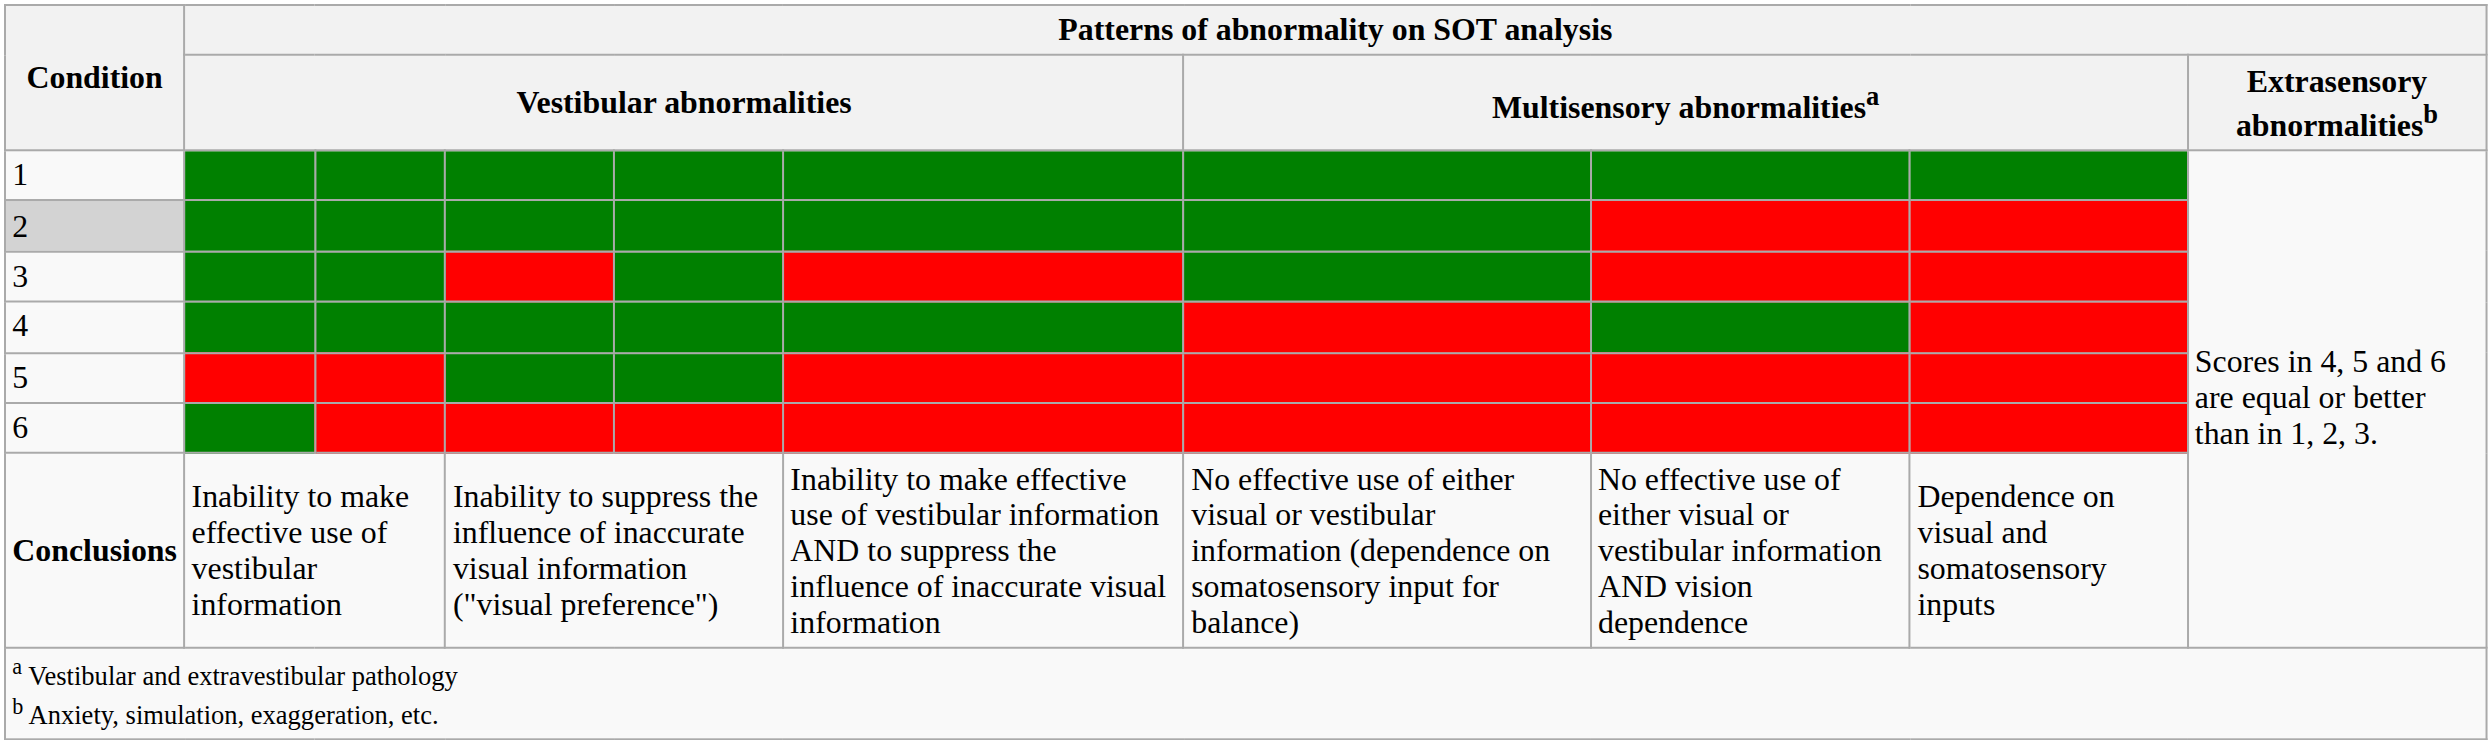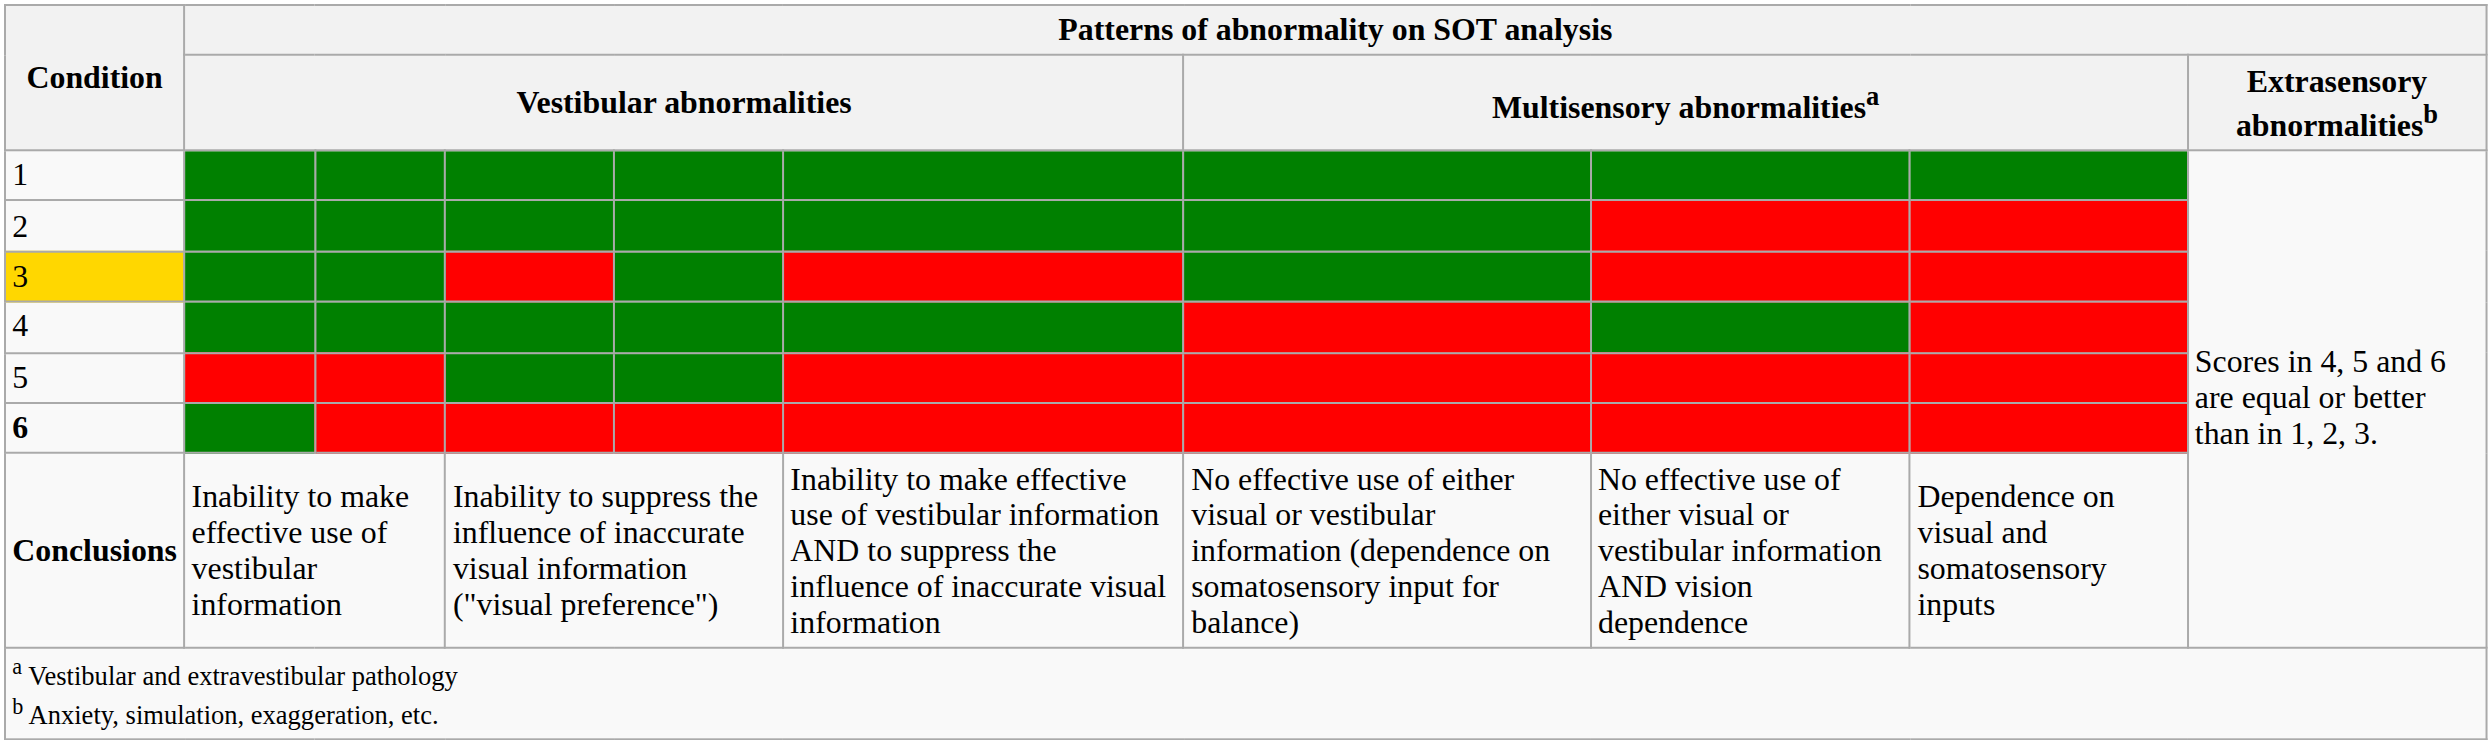 <table class="wikitable">
 <tr>
 <th rowspan="2">Condition</th>
 <th colspan="9">Patterns of abnormality on SOT analysis</th>
 </tr>
 <tr>
 <th colspan="5">Vestibular abnormalities</th>
 <th colspan="3">Multisensory abnormalities<sup>a</sup></th>
 <th>Extrasensory abnormalities<sup>b</sup></th>
 </tr>
 <tr>
 <td>1</td>
 <td style="background: green;"></td>
 <td style="background: green;"></td>
 <td style="background: green;"></td>
 <td style="background: green;"></td>
 <td style="background: green;"></td>
 <td style="background: green;"></td>
 <td style="background: green;"></td>
 <td style="background: green;"></td>
 <td rowspan="7">Scores in 4, 5 and 6 are equal or better than in 1, 2, 3.</td>
 </tr>
 <tr>
-<td style="background: lightgrey;">2</td>
+<td>2</td>
 <td style="background: green;"></td>
 <td style="background: green;"></td>
 <td style="background: green;"></td>
 <td style="background: green;"></td>
 <td style="background: green;"></td>
 <td style="background: green;"></td>
 <td style="background: red;"></td>
 <td style="background: red;"></td>
 </tr>
 <tr>
-<td>3</td>
+<td style="background: gold;">3</td>
 <td style="background: green;"></td>
 <td style="background: green;"></td>
 <td style="background: red;"></td>
 <td style="background: green;"></td>
 <td style="background: red;"></td>
 <td style="background: green;"></td>
 <td style="background: red;"></td>
 <td style="background: red;"></td>
 </tr>
 <tr>
 <td>4</td>
 <td style="background: green;"></td>
 <td style="background: green;"></td>
 <td style="background: green;"></td>
 <td style="background: green;"></td>
 <td style="background: green;"></td>
 <td style="background: red;"></td>
 <td style="background: green;"></td>
 <td style="background: red;"></td>
 </tr>
 <tr>
 <td>5</td>
 <td style="background: red;"></td>
 <td style="background: red;"></td>
 <td style="background: green;"></td>
 <td style="background: green;"></td>
 <td style="background: red;"></td>
 <td style="background: red;"></td>
 <td style="background: red;"></td>
 <td style="background: red;"></td>
 </tr>
 <tr>
-<td>6</td>
+<td><strong>6</strong></td>
 <td style="background: green;"></td>
 <td style="background: red;"></td>
 <td style="background: red;"></td>
 <td style="background: red;"></td>
 <td style="background: red;"></td>
 <td style="background: red;"></td>
 <td style="background: red;"></td>
 <td style="background: red;"></td>
 </tr>
 <tr>
 <td><strong>Conclusions</strong></td>
 <td colspan="2">Inability to make effective use of vestibular information</td>
 <td colspan="2">Inability to suppress the influence of inaccurate visual information ("visual preference")</td>
 <td>Inability to make effective use of vestibular information AND to suppress the influence of inaccurate visual information</td>
 <td>No effective use of either visual or vestibular information (dependence on somatosensory input for balance)</td>
 <td>No effective use of either visual or vestibular information AND vision dependence</td>
 <td>Dependence on visual and somatosensory inputs</td>
 </tr>
 <tr>
 <td colspan="10"><small><sup>a</sup> Vestibular and extravestibular pathology</small><br><small><sup>b</sup> Anxiety, simulation, exaggeration, etc.</small></td>
 </tr>
 </table>
